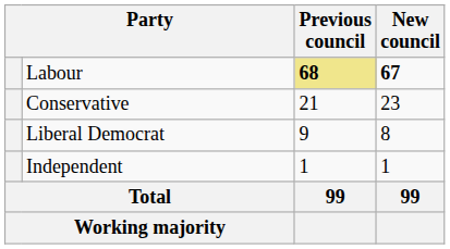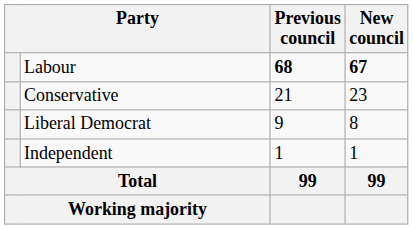 <table class="wikitable">
 <tr>
 <th valign=top colspan="2" style="width: 230px">Party</th>
 <th valign=top style="width: 30px">Previous council</th>
 <th valign=top style="width: 30px">New council</th>
 </tr>
 <tr>
 <th style="background-color: "></th>
 <td>Labour</td>
-<td style="background: khaki;"><strong>68</strong></td>
+<td><strong>68</strong></td>
 <td><strong>67</strong></td>
 </tr>
 <tr>
 <th style="background-color: "></th>
 <td>Conservative</td>
 <td>21</td>
 <td>23</td>
 </tr>
 <tr>
 <th style="background-color: "></th>
 <td>Liberal Democrat</td>
 <td>9</td>
 <td>8</td>
 </tr>
 <tr>
 <th style="background-color: "></th>
 <td>Independent</td>
 <td>1</td>
 <td>1</td>
 </tr>
 <tr>
 <th colspan=2>Total</th>
 <th style="text-align: center">99</th>
 <th colspan=3>99</th>
 </tr>
 <tr>
 <th colspan=2>Working majority</th>
 <th></th>
 <th></th>
 </tr>
 </table>
